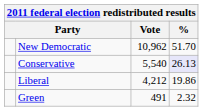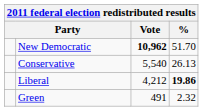 <table class="wikitable">
 <tr>
 <th colspan="4"><a href='#'>2011 federal election</a> redistributed results</th>
 </tr>
 <tr>
 <th bgcolor="#DDDDFF" width="130px" colspan="2">Party</th>
 <th bgcolor="#DDDDFF" width="50px">Vote</th>
 <th bgcolor="#DDDDFF" width="30px">%</th>
 </tr>
 <tr>
 <td> </td>
 <td><a href='#'>New Democratic</a></td>
-<td align=right>10,962</td>
+<td align=right><strong>10,962</strong></td>
 <td align=right>51.70</td>
 </tr>
 <tr>
 <td> </td>
 <td><a href='#'>Conservative</a></td>
 <td align=right>5,540</td>
-<td align=right style="background: lavender;">26.13</td>
+<td align=right>26.13</td>
 </tr>
 <tr>
 <td> </td>
 <td><a href='#'>Liberal</a></td>
 <td align=right>4,212</td>
-<td align=right>19.86</td>
+<td align=right><strong>19.86</strong></td>
 </tr>
 <tr>
 <td> </td>
 <td><a href='#'>Green</a></td>
 <td align=right>491</td>
 <td align=right>2.32</td>
 </tr>
 </table>
